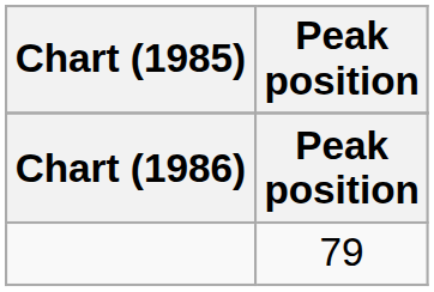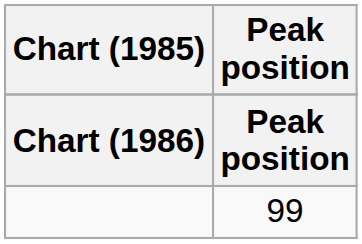 <table class="wikitable">
 <tr>
 <th>Chart (1985)</th>
 <th>Peak<br>position</th>
 </tr>
 <tr>
 </tr>
 <tr>
 </tr>
 <tr>
 <th scope="col">Chart (1986)</th>
 <th scope="col">Peak<br>position</th>
 </tr>
 <tr>
 <td Australian Albums (></td>
-<td align="center">79</td>
+<td align="center">99</td>
 </tr>
 </table>
